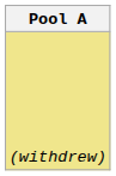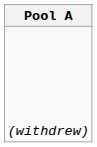 <table class="wikitable">
 <tr>
 <th>Pool A</th>
 </tr>
 <tr>
-<td style="background: khaki;"><br> <br>  <br>  <br>  <br>  <br> <em><s></s> (withdrew)</em></td>
+<td><br> <br>  <br>  <br>  <br>  <br> <em><s></s> (withdrew)</em></td>
 </tr>
 </table>
